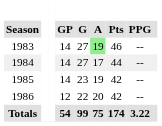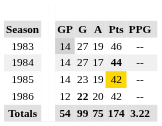 <table BORDER="0" CELLPADDING="3" CELLSPACING="0">
 <tr ALIGN="center" bgcolor="#e0e0e0">
 <th colspan=1 bgcolor="#ffffff"> </th>
 <th rowspan=99 bgcolor="#ffffff"> </th>
 <th rowspan=99 bgcolor="#ffffff"> </th>
 </tr>
 <tr ALIGN="center" bgcolor="#e0e0e0">
 <th>Season</th>
 <th>GP</th>
 <th>G</th>
 <th>A</th>
 <th>Pts</th>
 <th>PPG</th>
 <th></th>
 </tr>
 <tr ALIGN="center">
 <td>1983</td>
-<td>14</td>
+<td style="background: lightgrey;">14</td>
 <td>27</td>
-<td style="background: lightgreen;">19</td>
+<td>19</td>
 <td>46</td>
 <td>--</td>
 <td></td>
 </tr>
 <tr ALIGN="center" bgcolor="#f0f0f0">
 <td>1984</td>
 <td>14</td>
 <td>27</td>
 <td>17</td>
-<td>44</td>
+<td><strong>44</strong></td>
 <td>--</td>
 <td></td>
 </tr>
 <tr ALIGN="center">
 <td>1985</td>
 <td>14</td>
 <td>23</td>
 <td>19</td>
-<td>42</td>
+<td style="background: gold;">42</td>
 <td>--</td>
 <td></td>
 </tr>
 <tr ALIGN="center">
 <td>1986</td>
 <td>12</td>
-<td>22</td>
+<td><strong>22</strong></td>
 <td>20</td>
 <td>42</td>
 <td>--</td>
 <td></td>
 </tr>
 <tr ALIGN="center"  bgcolor="#e0e0e0">
 <th colspan="1.5">Totals</th>
 <th>54</th>
 <th>99</th>
 <th>75</th>
 <th>174</th>
 <th>3.22</th>
 <th></th>
 </tr>
 </table>
